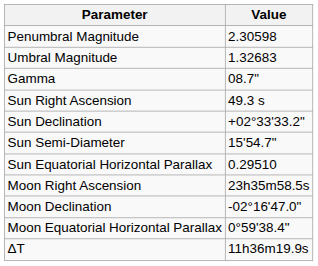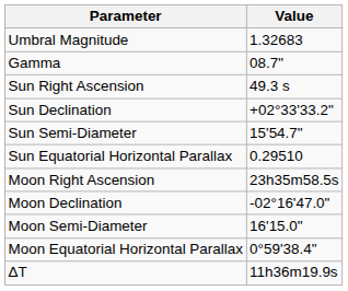 <table class="wikitable">
 <tr>
 <th>Parameter</th>
 <th>Value</th>
-</tr>
-<tr>
-<td>Penumbral Magnitude</td>
-<td>2.30598</td>
 </tr>
 <tr>
 <td>Umbral Magnitude</td>
 <td>1.32683</td>
 </tr>
 <tr>
 <td>Gamma</td>
 <td>08.7"</td>
 </tr>
 <tr>
 <td>Sun Right Ascension</td>
 <td>49.3 s</td>
 </tr>
 <tr>
 <td>Sun Declination</td>
 <td>+02°33'33.2"</td>
 </tr>
 <tr>
 <td>Sun Semi-Diameter</td>
 <td>15'54.7"</td>
 </tr>
 <tr>
 <td>Sun Equatorial Horizontal Parallax</td>
 <td>0.29510</td>
 </tr>
 <tr>
 <td>Moon Right Ascension</td>
 <td>23h35m58.5s</td>
 </tr>
 <tr>
 <td>Moon Declination</td>
 <td>-02°16'47.0"</td>
 </tr>
 <tr>
+<td>Moon Semi-Diameter</td>
+<td>16'15.0"</td>
+</tr>
+<tr>
 <td>Moon Equatorial Horizontal Parallax</td>
 <td>0°59'38.4"</td>
 </tr>
 <tr>
 <td>ΔT</td>
 <td>11h36m19.9s</td>
 </tr>
 </table>
